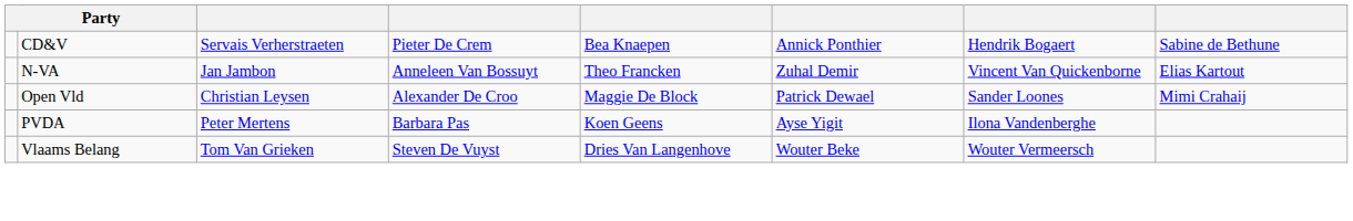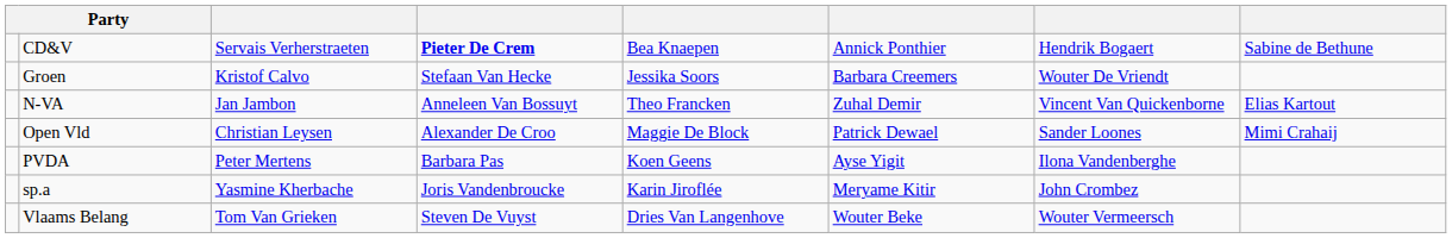 <table class="wikitable" style="font-size:95%;">
 <tr>
 <th colspan="2" style="width:175px;">Party</th>
 <th style="width:175px;"></th>
 <th style="width:175px;"></th>
 <th style="width:175px;"></th>
 <th style="width:175px;"></th>
 <th style="width:175px;"></th>
 <th style="width:175px;"></th>
 </tr>
 <tr>
 <td style="background-color: "></td>
 <td>CD&V</td>
 <td><a href='#'>Servais Verherstraeten</a></td>
-<td><a href='#'>Pieter De Crem</a></td>
+<td><strong><a href='#'>Pieter De Crem</a></strong></td>
 <td><a href='#'>Bea Knaepen</a></td>
 <td><a href='#'>Annick Ponthier</a></td>
 <td><a href='#'>Hendrik Bogaert</a></td>
 <td><a href='#'>Sabine de Bethune</a></td>
+</tr>
+<tr>
+<td style="background-color: "></td>
+<td>Groen</td>
+<td><a href='#'>Kristof Calvo</a></td>
+<td><a href='#'>Stefaan Van Hecke</a></td>
+<td><a href='#'>Jessika Soors</a></td>
+<td><a href='#'>Barbara Creemers</a></td>
+<td><a href='#'>Wouter De Vriendt</a></td>
+<td></td>
 </tr>
 <tr>
 <td style="background-color: "></td>
 <td>N-VA</td>
 <td><a href='#'>Jan Jambon</a></td>
 <td><a href='#'>Anneleen Van Bossuyt</a></td>
 <td><a href='#'>Theo Francken</a></td>
 <td><a href='#'>Zuhal Demir</a></td>
 <td><a href='#'>Vincent Van Quickenborne</a></td>
 <td><a href='#'>Elias Kartout</a></td>
 </tr>
 <tr>
 <td style="background-color: "></td>
 <td>Open Vld</td>
 <td><a href='#'>Christian Leysen</a></td>
 <td><a href='#'>Alexander De Croo</a></td>
 <td><a href='#'>Maggie De Block</a></td>
 <td><a href='#'>Patrick Dewael</a></td>
 <td><a href='#'>Sander Loones</a></td>
 <td><a href='#'>Mimi Crahaij</a></td>
 </tr>
 <tr>
 <td style="background-color: "></td>
 <td>PVDA</td>
 <td><a href='#'>Peter Mertens</a></td>
 <td><a href='#'>Barbara Pas</a></td>
 <td><a href='#'>Koen Geens</a></td>
 <td><a href='#'>Ayse Yigit</a></td>
 <td><a href='#'>Ilona Vandenberghe</a></td>
 <td></td>
 </tr>
 <tr>
 <td style="background-color: "></td>
+<td>sp.a</td>
+<td><a href='#'>Yasmine Kherbache</a></td>
+<td><a href='#'>Joris Vandenbroucke</a></td>
+<td><a href='#'>Karin Jiroflée</a></td>
+<td><a href='#'>Meryame Kitir</a></td>
+<td><a href='#'>John Crombez</a></td>
+<td></td>
+</tr>
+<tr>
+<td style="background-color: "></td>
 <td>Vlaams Belang</td>
 <td><a href='#'>Tom Van Grieken</a></td>
 <td><a href='#'>Steven De Vuyst</a></td>
 <td><a href='#'>Dries Van Langenhove</a></td>
 <td><a href='#'>Wouter Beke</a></td>
 <td><a href='#'>Wouter Vermeersch</a></td>
 <td></td>
 </tr>
 </table>
